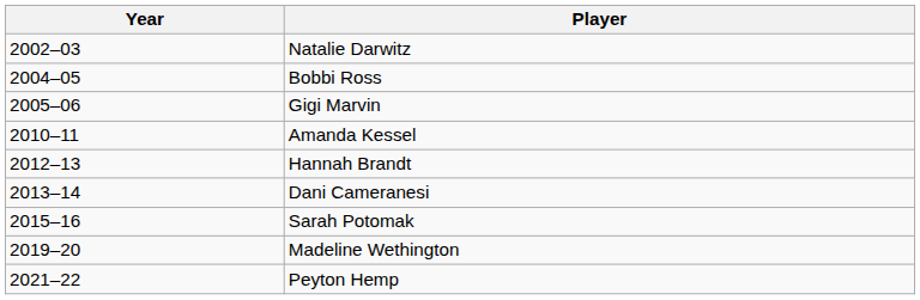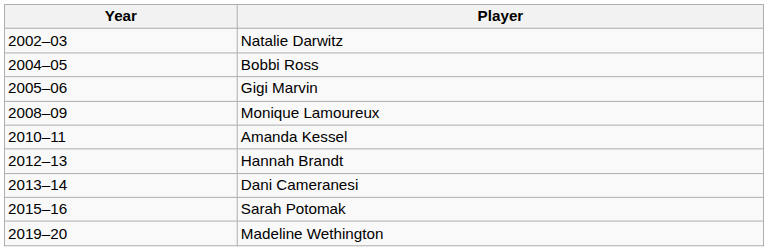 <table class="wikitable" style="width: 50em">
 <tr>
 <th>Year</th>
 <th>Player</th>
 </tr>
 <tr>
 <td>2002–03</td>
 <td>Natalie Darwitz</td>
 </tr>
 <tr>
 <td>2004–05</td>
 <td>Bobbi Ross</td>
 </tr>
 <tr>
 <td>2005–06</td>
 <td>Gigi Marvin</td>
+</tr>
+<tr>
+<td>2008–09</td>
+<td>Monique Lamoureux</td>
 </tr>
 <tr>
 <td>2010–11</td>
 <td>Amanda Kessel</td>
 </tr>
 <tr>
 <td>2012–13</td>
 <td>Hannah Brandt</td>
 </tr>
 <tr>
 <td>2013–14</td>
 <td>Dani Cameranesi</td>
 </tr>
 <tr>
 <td>2015–16</td>
 <td>Sarah Potomak</td>
 </tr>
 <tr>
 <td>2019–20</td>
 <td>Madeline Wethington</td>
 </tr>
-<tr>
-<td>2021–22</td>
-<td>Peyton Hemp</td>
-</tr>
 </table>
